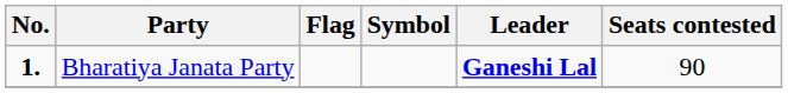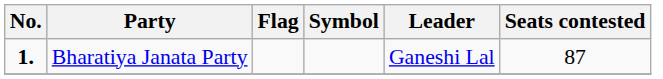 <table class="wikitable">
 <tr>
 <th>No.</th>
 <th>Party</th>
 <th>Flag</th>
 <th>Symbol</th>
 <th>Leader</th>
 <th>Seats contested</th>
 </tr>
 <tr>
 <td ! style="text-align:center; background:"><strong>1.</strong></td>
 <td style="text-align:center"><a href='#'>Bharatiya Janata Party</a></td>
 <td></td>
 <td></td>
-<td style="text-align:center"><strong><a href='#'>Ganeshi Lal</a></strong></td>
-<td style="text-align:center">90</td>
+<td style="text-align:center"><a href='#'>Ganeshi Lal</a></td>
+<td style="text-align:center">87</td>
 </tr>
 <tr>
 </tr>
 </table>
